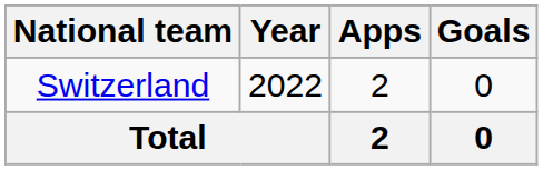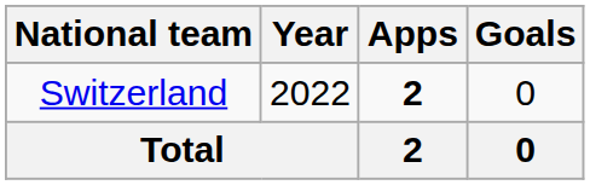 <table class="wikitable" style="text-align:center">
 <tr>
 <th>National team</th>
 <th>Year</th>
 <th>Apps</th>
 <th>Goals</th>
 </tr>
 <tr>
 <td><a href='#'>Switzerland</a></td>
 <td>2022</td>
-<td>2</td>
+<td><strong>2</strong></td>
 <td>0</td>
 </tr>
 <tr>
 <th colspan="2">Total</th>
 <th>2</th>
 <th>0</th>
 </tr>
 </table>
